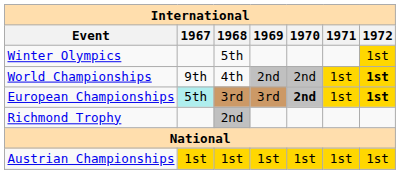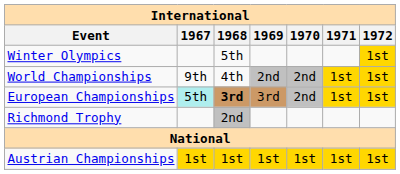 <table class="wikitable" style="text-align:center">
 <tr>
 <th style="background-color: #ffdead; " colspan=7 align=center>International</th>
 </tr>
 <tr>
 <th>Event</th>
 <th>1967</th>
 <th>1968</th>
 <th>1969</th>
 <th>1970</th>
 <th>1971</th>
 <th>1972</th>
 </tr>
 <tr>
 <td align=left><a href='#'>Winter Olympics</a></td>
 <td></td>
 <td>5th</td>
 <td></td>
 <td></td>
 <td></td>
 <td bgcolor=gold>1st</td>
 </tr>
 <tr>
 <td align=left><a href='#'>World Championships</a></td>
 <td>9th</td>
 <td>4th</td>
 <td bgcolor=silver>2nd</td>
 <td bgcolor=silver>2nd</td>
 <td bgcolor=gold>1st</td>
-<td bgcolor=gold><strong>1st</strong></td>
+<td bgcolor=gold>1st</td>
 </tr>
 <tr>
 <td align=left><a href='#'>European Championships</a></td>
 <td style="background: paleturquoise;">5th</td>
+<td bgcolor=cc9966><strong>3rd</strong></td>
 <td bgcolor=cc9966>3rd</td>
-<td bgcolor=cc9966>3rd</td>
-<td bgcolor=silver><strong>2nd</strong></td>
+<td bgcolor=silver>2nd</td>
 <td bgcolor=gold>1st</td>
-<td bgcolor=gold><strong>1st</strong></td>
+<td bgcolor=gold>1st</td>
 </tr>
 <tr>
 <td align=left><a href='#'>Richmond Trophy</a></td>
 <td></td>
 <td bgcolor=silver>2nd</td>
 <td></td>
 <td></td>
 <td></td>
 </tr>
 <tr>
 <th style="background-color: #ffdead; " colspan=7 align=center>National</th>
 </tr>
 <tr>
 <td align=left><a href='#'>Austrian Championships</a></td>
 <td bgcolor=gold>1st</td>
 <td bgcolor=gold>1st</td>
 <td bgcolor=gold>1st</td>
 <td bgcolor=gold>1st</td>
 <td bgcolor=gold>1st</td>
 <td bgcolor=gold>1st</td>
 </tr>
 </table>
